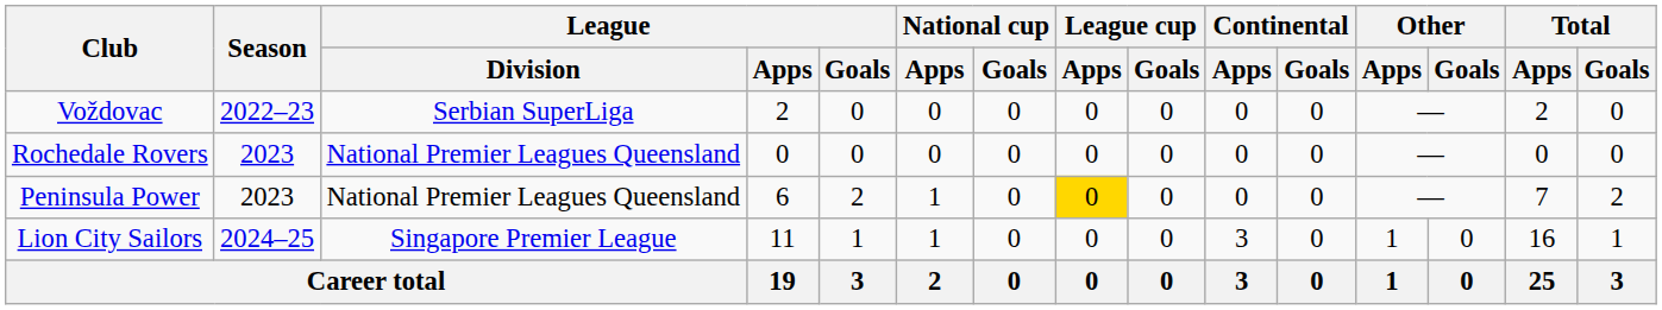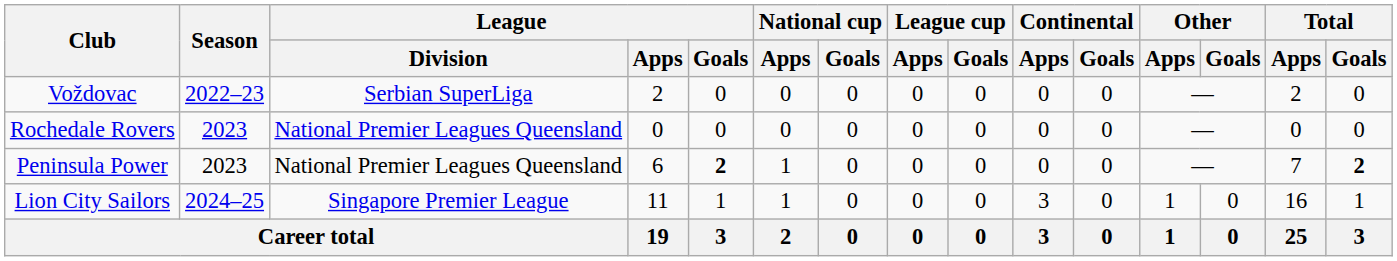 <table class="wikitable" style="text-align:center">
 <tr>
 <th rowspan="2">Club</th>
 <th rowspan="2">Season</th>
 <th colspan="3">League</th>
 <th colspan="2">National cup</th>
 <th colspan="2">League cup</th>
 <th colspan="2">Continental</th>
 <th colspan="2">Other</th>
 <th colspan="2">Total</th>
 </tr>
 <tr>
 <th>Division</th>
 <th>Apps</th>
 <th>Goals</th>
 <th>Apps</th>
 <th>Goals</th>
 <th>Apps</th>
 <th>Goals</th>
 <th>Apps</th>
 <th>Goals</th>
 <th>Apps</th>
 <th>Goals</th>
 <th>Apps</th>
 <th>Goals</th>
 </tr>
 <tr>
 <td><a href='#'>Voždovac</a></td>
 <td><a href='#'>2022–23</a></td>
 <td><a href='#'>Serbian SuperLiga</a></td>
 <td>2</td>
 <td>0</td>
 <td>0</td>
 <td>0</td>
 <td>0</td>
 <td>0</td>
 <td>0</td>
 <td>0</td>
 <td colspan="2">—</td>
 <td>2</td>
 <td>0</td>
 </tr>
 <tr>
 <td><a href='#'>Rochedale Rovers</a></td>
 <td><a href='#'>2023</a></td>
 <td><a href='#'>National Premier Leagues Queensland</a></td>
 <td>0</td>
 <td>0</td>
 <td>0</td>
 <td>0</td>
 <td>0</td>
 <td>0</td>
 <td>0</td>
 <td>0</td>
 <td colspan="2">—</td>
 <td>0</td>
 <td>0</td>
 </tr>
 <tr>
 <td><a href='#'>Peninsula Power</a></td>
 <td>2023</td>
 <td>National Premier Leagues Queensland</td>
 <td>6</td>
-<td>2</td>
+<td><strong>2</strong></td>
 <td>1</td>
 <td>0</td>
-<td style="background: gold;">0</td>
+<td>0</td>
 <td>0</td>
 <td>0</td>
 <td>0</td>
 <td colspan="2">—</td>
 <td>7</td>
-<td>2</td>
+<td><strong>2</strong></td>
 </tr>
 <tr>
 <td rowspan="1"><a href='#'>Lion City Sailors</a></td>
 <td><a href='#'>2024–25</a></td>
 <td rowspan="1"><a href='#'>Singapore Premier League</a></td>
 <td>11</td>
 <td>1</td>
 <td>1</td>
 <td>0</td>
 <td>0</td>
 <td>0</td>
 <td>3</td>
 <td>0</td>
 <td>1</td>
 <td>0</td>
 <td>16</td>
 <td>1</td>
 </tr>
 <tr>
 <th colspan="3">Career total</th>
 <th>19</th>
 <th>3</th>
 <th>2</th>
 <th>0</th>
 <th>0</th>
 <th>0</th>
 <th>3</th>
 <th>0</th>
 <th>1</th>
 <th>0</th>
 <th>25</th>
 <th>3</th>
 </tr>
 </table>
